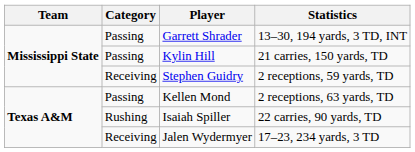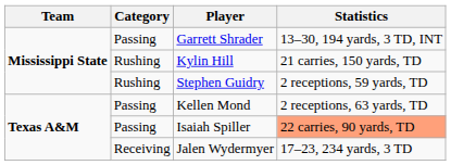 <table class="wikitable" style="float: right;">
 <tr>
 <th>Team</th>
 <th>Category</th>
 <th>Player</th>
 <th>Statistics</th>
 </tr>
 <tr>
 <td rowspan=3><strong>Mississippi State</strong></td>
 <td>Passing</td>
 <td><a href='#'>Garrett Shrader</a></td>
 <td>13–30, 194 yards, 3 TD, INT</td>
 </tr>
 <tr>
-<td>Passing</td>
+<td>Rushing</td>
 <td><a href='#'>Kylin Hill</a></td>
 <td>21 carries, 150 yards, TD</td>
 </tr>
 <tr>
-<td>Receiving</td>
+<td>Rushing</td>
 <td><a href='#'>Stephen Guidry</a></td>
 <td>2 receptions, 59 yards, TD</td>
 </tr>
 <tr>
 <td rowspan=3><strong>Texas A&M</strong></td>
 <td>Passing</td>
 <td>Kellen Mond</td>
 <td>2 receptions, 63 yards, TD</td>
 </tr>
 <tr>
-<td>Rushing</td>
+<td>Passing</td>
 <td>Isaiah Spiller</td>
-<td>22 carries, 90 yards, TD</td>
+<td style="background: lightsalmon;">22 carries, 90 yards, TD</td>
 </tr>
 <tr>
 <td>Receiving</td>
 <td>Jalen Wydermyer</td>
 <td>17–23, 234 yards, 3 TD</td>
 </tr>
 </table>
